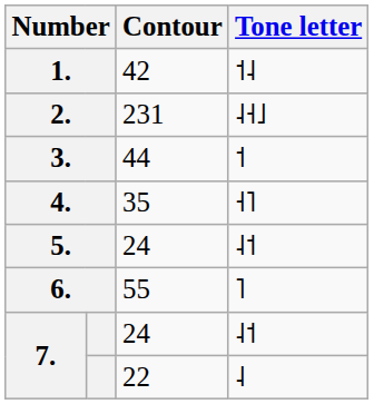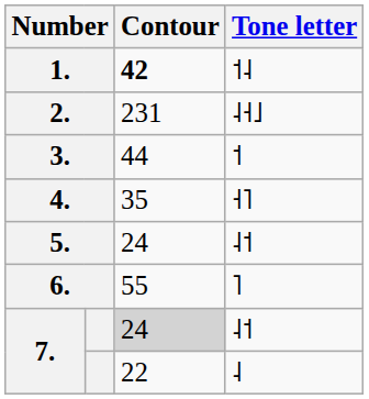 <table class="wikitable">
 <tr>
 <th colspan="2">Number</th>
 <th>Contour</th>
 <th><a href='#'>Tone letter</a></th>
 </tr>
 <tr>
 <th colspan="2">1.</th>
-<td>42</td>
+<td><strong>42</strong></td>
 <td>˦˨</td>
 </tr>
 <tr>
 <th colspan="2">2.</th>
 <td>231</td>
 <td>˨˧˩</td>
 </tr>
 <tr>
 <th colspan="2">3.</th>
 <td>44</td>
 <td>˦</td>
 </tr>
 <tr>
 <th colspan="2">4.</th>
 <td>35</td>
 <td>˧˥</td>
 </tr>
 <tr>
 <th colspan="2">5.</th>
 <td>24</td>
 <td>˨˦</td>
 </tr>
 <tr>
 <th colspan="2">6.</th>
 <td>55</td>
 <td>˥</td>
 </tr>
 <tr>
 <th rowspan="2">7.</th>
 <th></th>
-<td>24</td>
+<td style="background: lightgrey;">24</td>
 <td>˨˦</td>
 </tr>
 <tr>
 <th></th>
 <td>22</td>
 <td>˨</td>
 </tr>
 </table>
